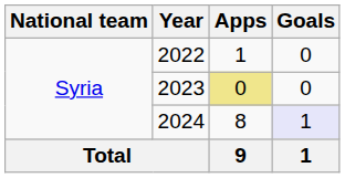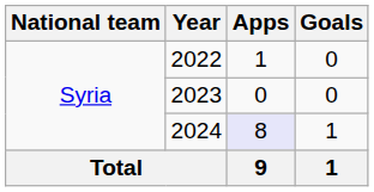 <table class="wikitable" style="text-align:center">
 <tr>
 <th>National team</th>
 <th>Year</th>
 <th>Apps</th>
 <th>Goals</th>
 </tr>
 <tr>
 <td rowspan="3"><a href='#'>Syria</a></td>
 <td>2022</td>
 <td>1</td>
 <td>0</td>
 </tr>
 <tr>
 <td>2023</td>
-<td style="background: khaki;">0</td>
+<td>0</td>
 <td>0</td>
 </tr>
 <tr>
 <td>2024</td>
-<td>8</td>
-<td style="background: lavender;">1</td>
+<td style="background: lavender;">8</td>
+<td>1</td>
 </tr>
 <tr>
 <th colspan=2>Total</th>
 <th>9</th>
 <th>1</th>
 </tr>
 </table>
